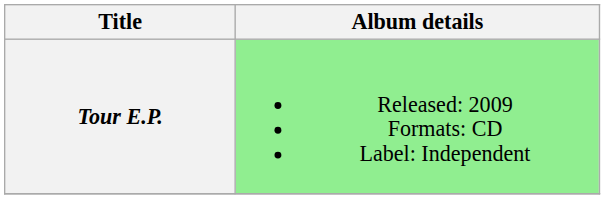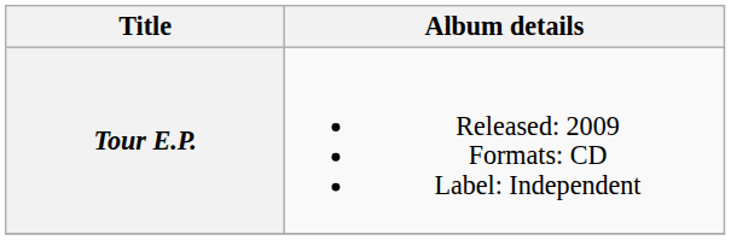 <table class="wikitable plainrowheaders" style="text-align:center;">
 <tr>
 <th scope="col" style="width:10em;">Title</th>
 <th scope="col" style="width:16em;">Album details</th>
 </tr>
 <tr>
 <th scope="row"><em>Tour E.P.</em></th>
-<td style="background: lightgreen;"><br><ul><li>Released: 2009</li><li>Formats: CD</li><li>Label: Independent</li></ul></td>
+<td><br><ul><li>Released: 2009</li><li>Formats: CD</li><li>Label: Independent</li></ul></td>
 </tr>
 <tr>
 </tr>
 </table>
